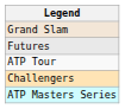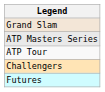 <table class="wikitable sortable mw-collapsible mw-collapsed">
 <tr style="background:#f2f2f2;">
 <th>Legend</th>
 </tr>
 <tr style="background:#f3e6d7;">
 <td>Grand Slam</td>
 </tr>
 <tr style="background:#e9e9e9;">
-<td>Futures</td>
+<td>ATP Masters Series</td>
 </tr>
 <tr>
 <td>ATP Tour</td>
 </tr>
 <tr style="background:moccasin;">
 <td>Challengers</td>
 </tr>
 <tr style="background:#cffcff;">
-<td>ATP Masters Series</td>
+<td>Futures</td>
 </tr>
 </table>
